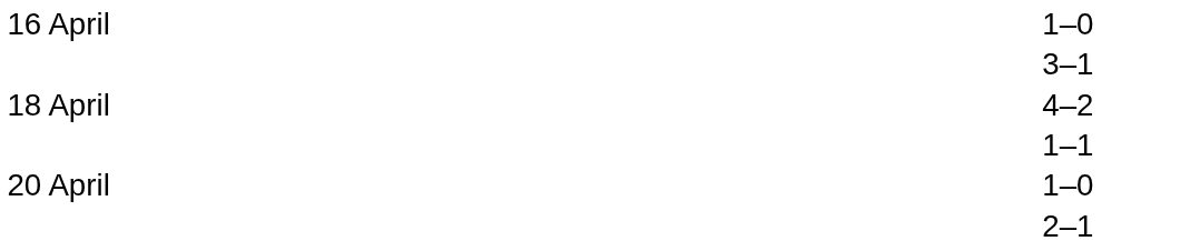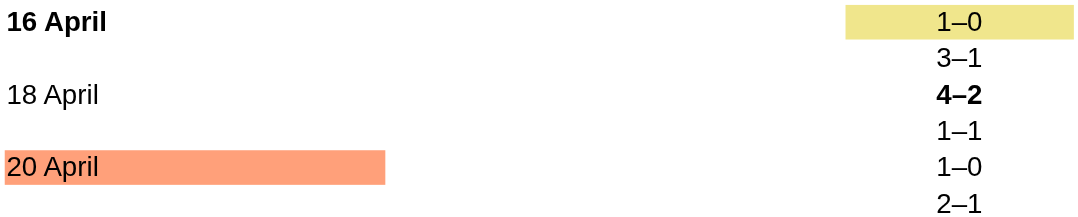 <table cellspacing=1 width=70%>
 <tr>
 <th width=25%></th>
 <th width=30%></th>
 <th width=15%></th>
 <th width=30%></th>
 </tr>
 <tr>
-<td>16 April</td>
+<td><strong>16 April</strong></td>
 <td align=right></td>
-<td align=center>1–0</td>
+<td align=center style="background: khaki;">1–0</td>
 <td></td>
 </tr>
 <tr>
 <td></td>
 <td align=right></td>
 <td align=center>3–1</td>
 <td></td>
 </tr>
 <tr>
 <td>18 April</td>
 <td align=right></td>
-<td align=center>4–2</td>
+<td align=center><strong>4–2</strong></td>
 <td></td>
 </tr>
 <tr>
 <td></td>
 <td align=right></td>
 <td align=center>1–1</td>
 <td></td>
 </tr>
 <tr>
-<td>20 April</td>
+<td style="background: lightsalmon;">20 April</td>
 <td align=right></td>
 <td align=center>1–0</td>
 <td></td>
 </tr>
 <tr>
 <td></td>
 <td align=right></td>
 <td align=center>2–1</td>
 <td></td>
 </tr>
 </table>
